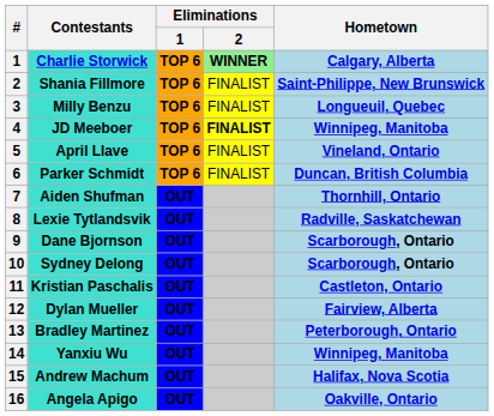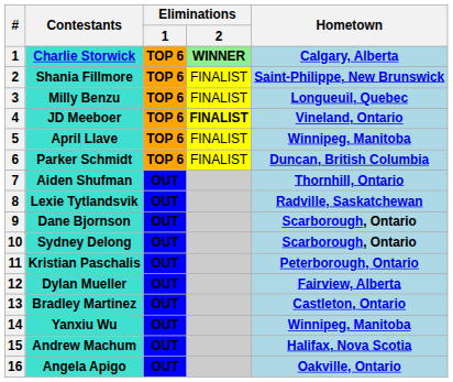 <table class="wikitable" style="text-align:center;">
 <tr>
 <th rowspan=2>#</th>
 <th rowspan=2>Contestants</th>
 <th colspan=2>Eliminations</th>
 <th rowspan=2>Hometown</th>
 </tr>
 <tr>
 <th>1</th>
 <th>2</th>
 </tr>
 <tr>
 <th>1<br></th>
 <td style="background:Turquoise;"><strong><a href='#'>Charlie Storwick</a></strong></td>
 <td style="background:orange;"><strong>TOP 6</strong></td>
 <td style="background:lightgreen;"><strong>WINNER</strong></td>
 <td style="background:lightblue;"><strong><a href='#'>Calgary, Alberta</a></strong></td>
 </tr>
 <tr>
 <th>2</th>
 <td style="background:Turquoise;"><strong>Shania Fillmore</strong></td>
 <td style="background:orange;"><strong>TOP 6</strong></td>
 <td style="background:yellow;">FINALIST</td>
 <td style="background:lightblue;"><strong><a href='#'>Saint-Philippe, New Brunswick</a></strong></td>
 </tr>
 <tr>
 <th>3</th>
 <td style="background:Turquoise;"><strong>Milly Benzu</strong></td>
 <td style="background:orange;"><strong>TOP 6</strong></td>
 <td style="background:yellow;">FINALIST</td>
 <td style="background:lightblue;"><strong><a href='#'>Longueuil, Quebec</a></strong></td>
 </tr>
 <tr>
 <th>4</th>
 <td style="background:Turquoise;"><strong>JD Meeboer</strong></td>
 <td style="background:orange;"><strong>TOP 6</strong></td>
 <td style="background:yellow;"><strong>FINALIST</strong></td>
-<td style="background:lightblue;"><strong><a href='#'>Winnipeg, Manitoba</a></strong></td>
+<td style="background:lightblue;"><strong><a href='#'>Vineland, Ontario</a></strong></td>
 </tr>
 <tr>
 <th>5</th>
 <td style="background:Turquoise;"><strong>April Llave</strong></td>
 <td style="background:orange;"><strong>TOP 6</strong></td>
 <td style="background:yellow;">FINALIST</td>
-<td style="background:lightblue;"><strong><a href='#'>Vineland, Ontario</a></strong></td>
+<td style="background:lightblue;"><strong><a href='#'>Winnipeg, Manitoba</a></strong></td>
 </tr>
 <tr |->
 <th>6</th>
 <td style="background:Turquoise;"><strong>Parker Schmidt</strong></td>
 <td style="background:orange;"><strong>TOP 6</strong></td>
 <td style="background:yellow;">FINALIST</td>
 <td style="background:lightblue;"><strong><a href='#'>Duncan, British Columbia</a></strong></td>
 </tr>
 <tr>
 <th>7</th>
 <td style="background:Turquoise;"><strong>Aiden Shufman</strong></td>
 <td style="background:Blue;"><strong>OUT</strong></td>
 <td style="background:#ccc;"></td>
 <td style="background:lightblue;"><strong><a href='#'>Thornhill, Ontario</a></strong></td>
 </tr>
 <tr>
 <th>8</th>
 <td style="background:Turquoise;"><strong>Lexie Tytlandsvik</strong></td>
 <td style="background:Blue;"><strong>OUT</strong></td>
 <td style="background:#ccc;"></td>
 <td style="background:lightblue;"><strong><a href='#'>Radville, Saskatchewan</a></strong></td>
 </tr>
 <tr>
 <th>9</th>
 <td style="background:Turquoise;"><strong>Dane Bjornson</strong></td>
 <td style="background:Blue;"><strong>OUT</strong></td>
 <td style="background:#ccc;"></td>
 <td style="background:lightblue;"><strong><a href='#'>Scarborough</a>, Ontario</strong></td>
 </tr>
 <tr>
 <th>10</th>
 <td style="background:Turquoise;"><strong>Sydney Delong</strong></td>
 <td style="background:Blue;"><strong>OUT</strong></td>
 <td style="background:#ccc;"></td>
 <td style="background:lightblue;"><strong><a href='#'>Scarborough</a>, Ontario</strong></td>
 </tr>
 <tr>
 <th>11</th>
 <td style="background:Turquoise;"><strong>Kristian Paschalis</strong></td>
 <td style="background:Blue;"><strong>OUT</strong></td>
 <td style="background:#ccc;"></td>
-<td style="background:lightblue;"><strong><a href='#'>Castleton, Ontario</a></strong></td>
+<td style="background:lightblue;"><strong><a href='#'>Peterborough, Ontario</a></strong></td>
 </tr>
 <tr>
 <th>12</th>
 <td style="background:Turquoise;"><strong>Dylan Mueller</strong></td>
 <td style="background:Blue;"><strong>OUT</strong></td>
 <td style="background:#ccc;"></td>
 <td style="background:lightblue;"><strong><a href='#'>Fairview, Alberta</a></strong></td>
 </tr>
 <tr>
 <th>13</th>
 <td style="background:Turquoise;"><strong>Bradley Martinez</strong></td>
 <td style="background:Blue;"><strong>OUT</strong></td>
 <td style="background:#ccc;"></td>
-<td style="background:lightblue;"><strong><a href='#'>Peterborough, Ontario</a></strong></td>
+<td style="background:lightblue;"><strong><a href='#'>Castleton, Ontario</a></strong></td>
 </tr>
 <tr>
 <th>14</th>
 <td style="background:Turquoise;"><strong>Yanxiu Wu</strong></td>
 <td style="background:Blue;"><strong>OUT</strong></td>
 <td style="background:#ccc;"></td>
 <td style="background:lightblue;"><strong><a href='#'>Winnipeg, Manitoba</a></strong></td>
 </tr>
 <tr>
 <th>15</th>
 <td style="background:Turquoise;"><strong>Andrew Machum</strong></td>
 <td style="background:Blue;"><strong>OUT</strong></td>
 <td style="background:#ccc;"></td>
 <td style="background:lightblue;"><strong><a href='#'>Halifax, Nova Scotia</a></strong></td>
 </tr>
 <tr>
 <th>16</th>
 <td style="background:Turquoise;"><strong>Angela Apigo</strong></td>
 <td style="background:Blue;"><strong>OUT</strong></td>
 <td style="background:#ccc;"></td>
 <td style="background:lightblue;"><strong><a href='#'>Oakville, Ontario</a></strong></td>
 </tr>
 </table>
